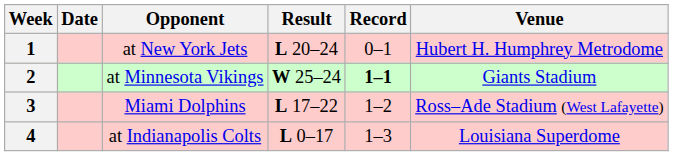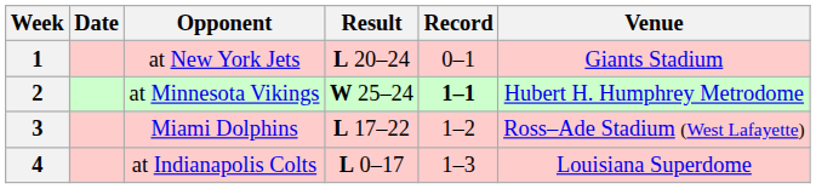 <table class="wikitable" style="text-align:center">
 <tr>
 <th>Week</th>
 <th>Date</th>
 <th>Opponent</th>
 <th>Result</th>
 <th>Record</th>
 <th>Venue</th>
 </tr>
 <tr style="background:#fcc">
 <th>1</th>
 <td></td>
 <td>at <a href='#'>New York Jets</a></td>
 <td><strong>L</strong> 20–24</td>
 <td>0–1</td>
-<td><a href='#'>Hubert H. Humphrey Metrodome</a></td>
+<td><a href='#'>Giants Stadium</a></td>
 </tr>
 <tr style="background:#cfc">
 <th>2</th>
 <td></td>
 <td>at <a href='#'>Minnesota Vikings</a></td>
 <td><strong>W</strong> 25–24</td>
 <td><strong>1–1</strong></td>
-<td><a href='#'>Giants Stadium</a></td>
+<td><a href='#'>Hubert H. Humphrey Metrodome</a></td>
 </tr>
 <tr style="background:#fcc">
 <th>3</th>
 <td></td>
 <td><a href='#'>Miami Dolphins</a></td>
 <td><strong>L</strong> 17–22</td>
 <td>1–2</td>
 <td><a href='#'>Ross–Ade Stadium</a> <small>(<a href='#'>West Lafayette</a>)</small></td>
 </tr>
 <tr style="background:#fcc">
 <th>4</th>
 <td></td>
 <td>at <a href='#'>Indianapolis Colts</a></td>
 <td><strong>L</strong> 0–17</td>
 <td>1–3</td>
 <td><a href='#'>Louisiana Superdome</a></td>
 </tr>
 </table>
